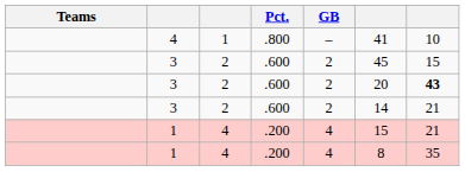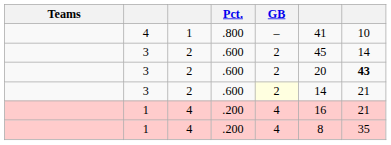 <table class="wikitable" style="text-align:center;">
 <tr>
 <th width=150px>Teams</th>
 <th width=50px></th>
 <th width=50px></th>
 <th width=50px><a href='#'>Pct.</a></th>
 <th width=50px><a href='#'>GB</a></th>
 <th width=50px></th>
 <th width=50px></th>
 </tr>
 <tr>
 <td align=left></td>
 <td>4</td>
 <td>1</td>
 <td>.800</td>
 <td>–</td>
 <td>41</td>
 <td>10</td>
 </tr>
 <tr>
 <td align=left></td>
 <td>3</td>
 <td>2</td>
 <td>.600</td>
 <td>2</td>
 <td>45</td>
-<td>15</td>
+<td>14</td>
 </tr>
 <tr>
 <td align=left></td>
 <td>3</td>
 <td>2</td>
 <td>.600</td>
 <td>2</td>
 <td>20</td>
 <td><strong>43</strong></td>
 </tr>
 <tr>
 <td align=left></td>
 <td>3</td>
 <td>2</td>
 <td>.600</td>
-<td>2</td>
+<td style="background: lightyellow;">2</td>
 <td>14</td>
 <td>21</td>
 </tr>
 <tr style="background-color:#fcc">
 <td align=left></td>
 <td>1</td>
 <td>4</td>
 <td>.200</td>
 <td>4</td>
-<td>15</td>
+<td>16</td>
 <td>21</td>
 </tr>
 <tr style="background-color:#fcc">
 <td align=left></td>
 <td>1</td>
 <td>4</td>
 <td>.200</td>
 <td>4</td>
 <td>8</td>
 <td>35</td>
 </tr>
 </table>
